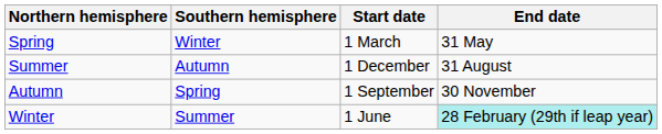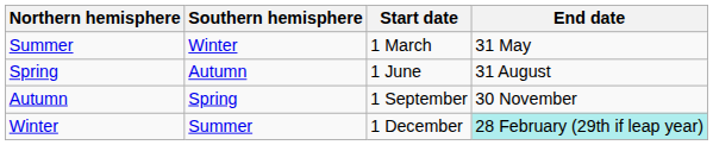 <table class="wikitable">
 <tr>
 <th>Northern hemisphere</th>
 <th>Southern hemisphere</th>
 <th>Start date</th>
 <th>End date</th>
 </tr>
 <tr>
-<td><a href='#'>Spring</a></td>
+<td><a href='#'>Summer</a></td>
 <td><a href='#'>Winter</a></td>
 <td>1 March</td>
 <td>31 May</td>
 </tr>
 <tr>
-<td><a href='#'>Summer</a></td>
+<td><a href='#'>Spring</a></td>
 <td><a href='#'>Autumn</a></td>
-<td>1 December</td>
+<td>1 June</td>
 <td>31 August</td>
 </tr>
 <tr>
 <td><a href='#'>Autumn</a></td>
 <td><a href='#'>Spring</a></td>
 <td>1 September</td>
 <td>30 November</td>
 </tr>
 <tr>
 <td><a href='#'>Winter</a></td>
 <td><a href='#'>Summer</a></td>
-<td>1 June</td>
+<td>1 December</td>
 <td style="background: paleturquoise;">28 February (29th if leap year)</td>
 </tr>
 </table>
